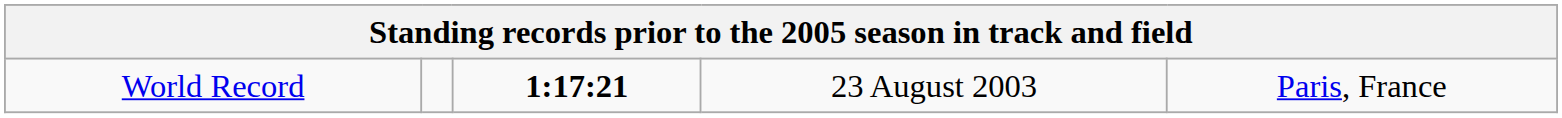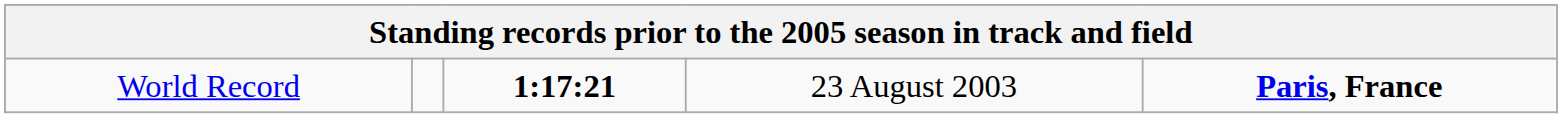 <table class="wikitable" style=" text-align:center; font-size:110%;" width="95%">
 <tr>
 <th colspan="5">Standing records prior to the 2005 season in track and field</th>
 </tr>
 <tr>
 <td><a href='#'>World Record</a></td>
 <td></td>
 <td><strong>1:17:21</strong></td>
 <td>23 August 2003</td>
-<td> <a href='#'>Paris</a>, France</td>
+<td><strong> <a href='#'>Paris</a>, France</strong></td>
 </tr>
 </table>
